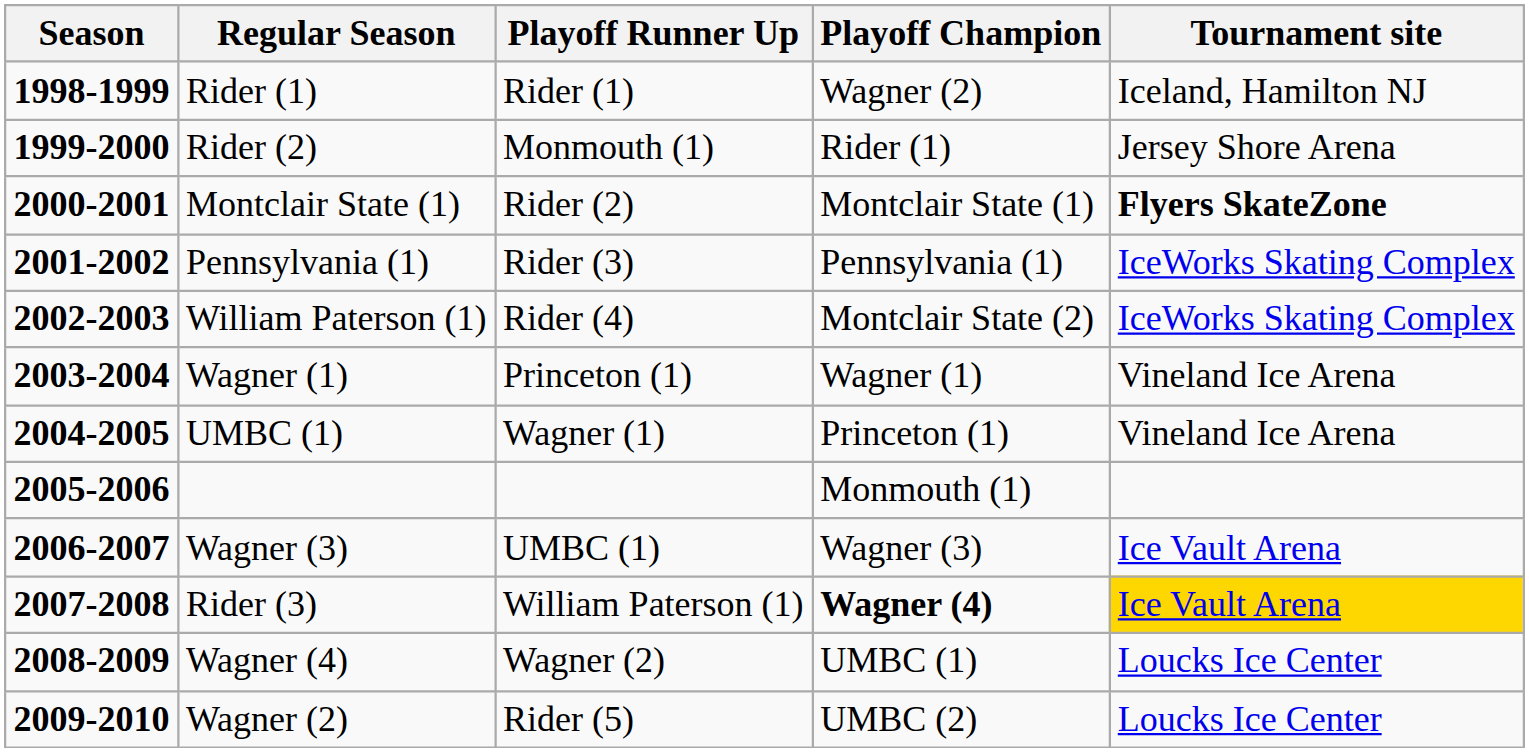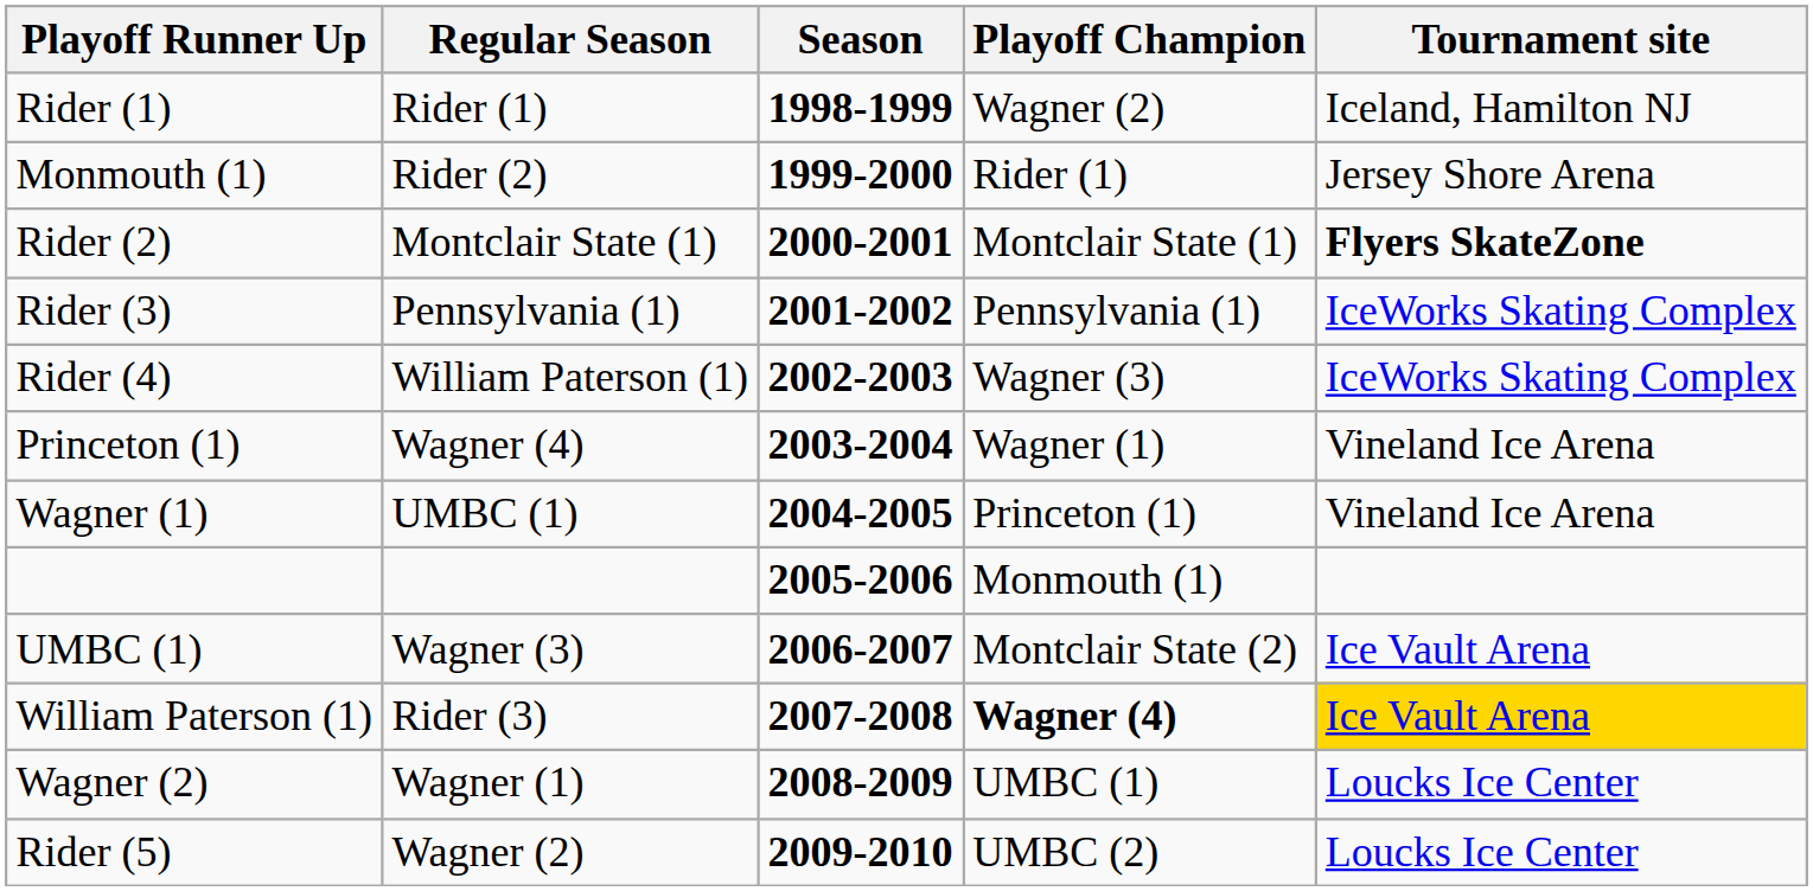 <table class="wikitable">
 <tr>
+<th>Playoff Runner Up</th>
+<th>Regular Season</th>
 <th>Season</th>
-<th>Regular Season</th>
-<th>Playoff Runner Up</th>
 <th>Playoff Champion</th>
 <th>Tournament site</th>
 </tr>
 <tr>
-<td><strong>1998-1999</strong></td>
 <td>Rider (1)</td>
 <td>Rider (1)</td>
+<td><strong>1998-1999</strong></td>
 <td>Wagner (2)</td>
 <td>Iceland, Hamilton NJ</td>
 </tr>
 <tr>
+<td>Monmouth (1)</td>
+<td>Rider (2)</td>
 <td><strong>1999-2000</strong></td>
-<td>Rider (2)</td>
-<td>Monmouth (1)</td>
 <td>Rider (1)</td>
 <td>Jersey Shore Arena</td>
 </tr>
 <tr>
+<td>Rider (2)</td>
+<td>Montclair State (1)</td>
 <td><strong>2000-2001</strong></td>
-<td>Montclair State (1)</td>
-<td>Rider (2)</td>
 <td>Montclair State (1)</td>
 <td><strong>Flyers SkateZone</strong></td>
 </tr>
 <tr>
+<td>Rider (3)</td>
+<td>Pennsylvania (1)</td>
 <td><strong>2001-2002</strong></td>
-<td>Pennsylvania (1)</td>
-<td>Rider (3)</td>
 <td>Pennsylvania (1)</td>
 <td><a href='#'>IceWorks Skating Complex</a></td>
 </tr>
 <tr>
+<td>Rider (4)</td>
+<td>William Paterson (1)</td>
 <td><strong>2002-2003</strong></td>
-<td>William Paterson (1)</td>
-<td>Rider (4)</td>
-<td>Montclair State (2)</td>
+<td>Wagner (3)</td>
 <td><a href='#'>IceWorks Skating Complex</a></td>
 </tr>
 <tr>
+<td>Princeton (1)</td>
+<td>Wagner (4)</td>
 <td><strong>2003-2004</strong></td>
-<td>Wagner (1)</td>
-<td>Princeton (1)</td>
 <td>Wagner (1)</td>
 <td>Vineland Ice Arena</td>
 </tr>
 <tr>
+<td>Wagner (1)</td>
+<td>UMBC (1)</td>
 <td><strong>2004-2005</strong></td>
-<td>UMBC (1)</td>
-<td>Wagner (1)</td>
 <td>Princeton (1)</td>
 <td>Vineland Ice Arena</td>
 </tr>
 <tr>
-<td><strong>2005-2006</strong></td>
 <td></td>
 <td></td>
+<td><strong>2005-2006</strong></td>
 <td>Monmouth (1)</td>
 <td></td>
 </tr>
 <tr>
-<td><strong>2006-2007</strong></td>
-<td>Wagner (3)</td>
 <td>UMBC (1)</td>
 <td>Wagner (3)</td>
+<td><strong>2006-2007</strong></td>
+<td>Montclair State (2)</td>
 <td><a href='#'>Ice Vault Arena</a></td>
 </tr>
 <tr>
+<td>William Paterson (1)</td>
+<td>Rider (3)</td>
 <td><strong>2007-2008</strong></td>
-<td>Rider (3)</td>
-<td>William Paterson (1)</td>
 <td><strong>Wagner (4)</strong></td>
 <td style="background: gold;"><a href='#'>Ice Vault Arena</a></td>
 </tr>
 <tr>
+<td>Wagner (2)</td>
+<td>Wagner (1)</td>
 <td><strong>2008-2009</strong></td>
-<td>Wagner (4)</td>
-<td>Wagner (2)</td>
 <td>UMBC (1)</td>
 <td><a href='#'>Loucks Ice Center</a></td>
 </tr>
 <tr>
+<td>Rider (5)</td>
+<td>Wagner (2)</td>
 <td><strong>2009-2010</strong></td>
-<td>Wagner (2)</td>
-<td>Rider (5)</td>
 <td>UMBC (2)</td>
 <td><a href='#'>Loucks Ice Center</a></td>
 </tr>
 </table>
